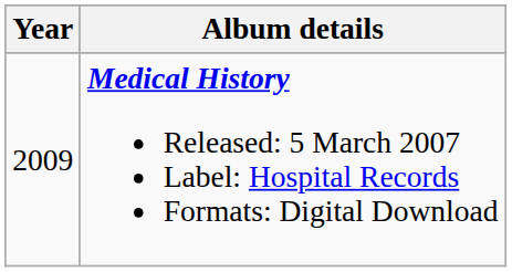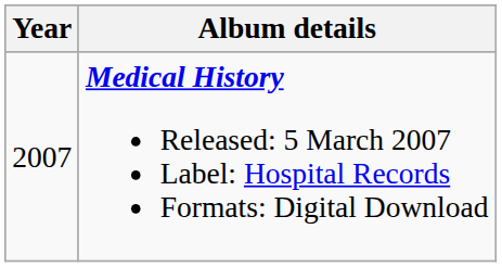 <table class="wikitable" style="text-align:center;">
 <tr>
 <th>Year</th>
 <th>Album details</th>
 </tr>
 <tr>
-<td>2009</td>
+<td>2007</td>
 <td align="left"><strong><em><a href='#'>Medical History</a></em></strong><br><ul><li>Released: 5 March 2007</li><li>Label: <a href='#'>Hospital Records</a></li><li>Formats: Digital Download</li></ul></td>
 </tr>
 </table>
